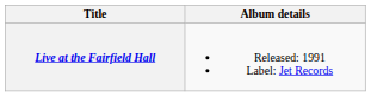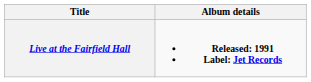 <table class="wikitable plainrowheaders" style="text-align:center;">
 <tr>
 <th scope="col" rowspan="1" style="width:15em;">Title</th>
 <th scope="col" rowspan="1" style="width:15em;">Album details</th>
 </tr>
 <tr>
 <th scope="row"><em><a href='#'>Live at the Fairfield Hall</a></em></th>
-<td><br><ul><li>Released: 1991</li><li>Label: <a href='#'>Jet Records</a></li></ul></td>
+<td><strong><br><ul><li>Released: 1991</li><li>Label: <a href='#'>Jet Records</a></li></ul></strong></td>
 </tr>
 </table>
